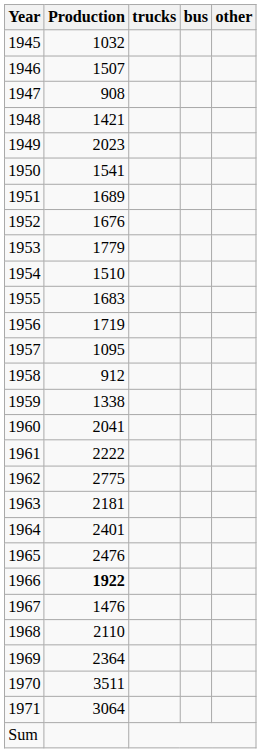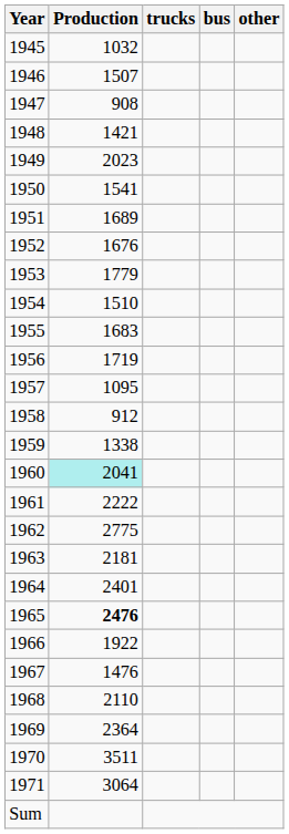 <table class="wikitable sortable">
 <tr>
 <th>Year</th>
 <th>Production</th>
 <th>trucks</th>
 <th>bus</th>
 <th>other</th>
 </tr>
 <tr>
 <td>1945</td>
 <td align="right">1032</td>
 <td></td>
 <td></td>
 <td></td>
 </tr>
 <tr>
 <td>1946</td>
 <td align="right">1507</td>
 <td></td>
 <td></td>
 <td></td>
 </tr>
 <tr>
 <td>1947</td>
 <td align="right">908</td>
 <td></td>
 <td></td>
 <td></td>
 </tr>
 <tr>
 <td>1948</td>
 <td align="right">1421</td>
 <td></td>
 <td></td>
 <td></td>
 </tr>
 <tr>
 <td>1949</td>
 <td align="right">2023</td>
 <td></td>
 <td></td>
 <td></td>
 </tr>
 <tr>
 <td>1950</td>
 <td align="right">1541</td>
 <td></td>
 <td></td>
 <td></td>
 </tr>
 <tr>
 <td>1951</td>
 <td align="right">1689</td>
 <td></td>
 <td></td>
 <td></td>
 </tr>
 <tr>
 <td>1952</td>
 <td align="right">1676</td>
 <td></td>
 <td></td>
 <td></td>
 </tr>
 <tr>
 <td>1953</td>
 <td align="right">1779</td>
 <td></td>
 <td></td>
 <td></td>
 </tr>
 <tr>
 <td>1954</td>
 <td align="right">1510</td>
 <td></td>
 <td></td>
 <td></td>
 </tr>
 <tr>
 <td>1955</td>
 <td align="right">1683</td>
 <td></td>
 <td></td>
 <td></td>
 </tr>
 <tr>
 <td>1956</td>
 <td align="right">1719</td>
 <td></td>
 <td></td>
 <td></td>
 </tr>
 <tr>
 <td>1957</td>
 <td align="right">1095</td>
 <td></td>
 <td></td>
 <td></td>
 </tr>
 <tr>
 <td>1958</td>
 <td align="right">912</td>
 <td></td>
 <td></td>
 <td></td>
 </tr>
 <tr>
 <td>1959</td>
 <td align="right">1338</td>
 <td></td>
 <td></td>
 <td></td>
 </tr>
 <tr>
 <td>1960</td>
-<td align="right">2041</td>
+<td align="right" style="background: paleturquoise;">2041</td>
 <td></td>
 <td></td>
 <td></td>
 </tr>
 <tr>
 <td>1961</td>
 <td align="right">2222</td>
 <td></td>
 <td></td>
 <td></td>
 </tr>
 <tr>
 <td>1962</td>
 <td align="right">2775</td>
 <td></td>
 <td></td>
 <td></td>
 </tr>
 <tr>
 <td>1963</td>
 <td align="right">2181</td>
 <td></td>
 <td></td>
 <td></td>
 </tr>
 <tr>
 <td>1964</td>
 <td align="right">2401</td>
 <td></td>
 <td></td>
 <td></td>
 </tr>
 <tr>
 <td>1965</td>
-<td align="right">2476</td>
+<td align="right"><strong>2476</strong></td>
 <td></td>
 <td></td>
 <td></td>
 </tr>
 <tr>
 <td>1966</td>
-<td align="right"><strong>1922</strong></td>
+<td align="right">1922</td>
 <td></td>
 <td></td>
 <td></td>
 </tr>
 <tr>
 <td>1967</td>
 <td align="right">1476</td>
 <td></td>
 <td></td>
 <td></td>
 </tr>
 <tr>
 <td>1968</td>
 <td align="right">2110</td>
 <td></td>
 <td></td>
 <td></td>
 </tr>
 <tr>
 <td>1969</td>
 <td align="right">2364</td>
 <td></td>
 <td></td>
 <td></td>
 </tr>
 <tr>
 <td>1970</td>
 <td align="right">3511</td>
 <td></td>
 <td></td>
 <td></td>
 </tr>
 <tr>
 <td>1971</td>
 <td align="right">3064</td>
 <td></td>
 <td></td>
 <td></td>
 </tr>
 <tr>
 <td>Sum </td>
 <td align="right"></td>
 </tr>
 </table>
